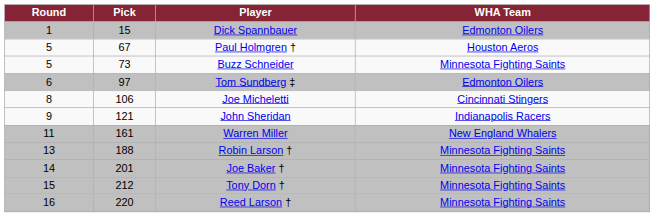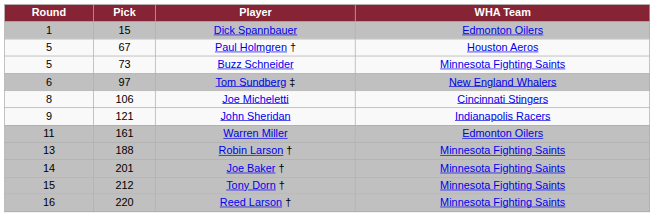 <table class="wikitable" width="60%">
 <tr>
 <th style="color:white; background:#862334; ">Round</th>
 <th style="color:white; background:#862334; ">Pick</th>
 <th style="color:white; background:#862334; ">Player</th>
 <th style="color:white; background:#862334; ">WHA Team</th>
 </tr>
 <tr align="center" bgcolor="C0C0C0">
 <td>1</td>
 <td>15</td>
 <td><a href='#'>Dick Spannbauer</a></td>
 <td><a href='#'>Edmonton Oilers</a></td>
 </tr>
 <tr align="center" bgcolor="">
 <td>5</td>
 <td>67</td>
 <td><a href='#'>Paul Holmgren</a> †</td>
 <td><a href='#'>Houston Aeros</a></td>
 </tr>
 <tr align="center" bgcolor="">
 <td>5</td>
 <td>73</td>
 <td><a href='#'>Buzz Schneider</a></td>
 <td><a href='#'>Minnesota Fighting Saints</a></td>
 </tr>
 <tr align="center" bgcolor="C0C0C0">
 <td>6</td>
 <td>97</td>
 <td><a href='#'>Tom Sundberg</a> ‡</td>
-<td><a href='#'>Edmonton Oilers</a></td>
+<td><a href='#'>New England Whalers</a></td>
 </tr>
 <tr align="center" bgcolor="">
 <td>8</td>
 <td>106</td>
 <td><a href='#'>Joe Micheletti</a></td>
 <td><a href='#'>Cincinnati Stingers</a></td>
 </tr>
 <tr align="center" bgcolor="">
 <td>9</td>
 <td>121</td>
 <td><a href='#'>John Sheridan</a></td>
 <td><a href='#'>Indianapolis Racers</a></td>
 </tr>
 <tr align="center" bgcolor="C0C0C0">
 <td>11</td>
 <td>161</td>
 <td><a href='#'>Warren Miller</a></td>
-<td><a href='#'>New England Whalers</a></td>
+<td><a href='#'>Edmonton Oilers</a></td>
 </tr>
 <tr align="center" bgcolor="C0C0C0">
 <td>13</td>
 <td>188</td>
 <td><a href='#'>Robin Larson</a> †</td>
 <td><a href='#'>Minnesota Fighting Saints</a></td>
 </tr>
 <tr align="center" bgcolor="C0C0C0">
 <td>14</td>
 <td>201</td>
 <td><a href='#'>Joe Baker</a> †</td>
 <td><a href='#'>Minnesota Fighting Saints</a></td>
 </tr>
 <tr align="center" bgcolor="C0C0C0">
 <td>15</td>
 <td>212</td>
 <td><a href='#'>Tony Dorn</a> †</td>
 <td><a href='#'>Minnesota Fighting Saints</a></td>
 </tr>
 <tr align="center" bgcolor="C0C0C0">
 <td>16</td>
 <td>220</td>
 <td><a href='#'>Reed Larson</a> †</td>
 <td><a href='#'>Minnesota Fighting Saints</a></td>
 </tr>
 <tr align="center" bgcolor="">
 </tr>
 </table>
